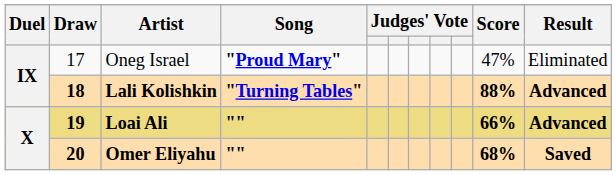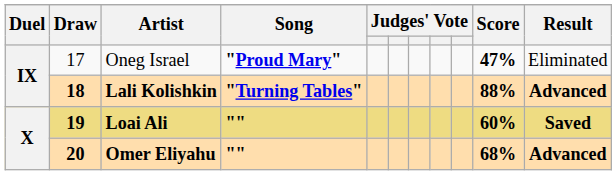 <table class="sortable wikitable" style="margin: 1em auto 1em auto; text-align:center; font-size:90%; line-height:18px;">
 <tr>
 </tr>
 <tr>
 <th rowspan="2" class="unsortable">Duel</th>
 <th rowspan="2">Draw</th>
 <th rowspan="2">Artist</th>
 <th rowspan="2">Song</th>
 <th colspan="5" class="unsortable">Judges' Vote</th>
 <th rowspan="2">Score</th>
 <th rowspan="2">Result</th>
 </tr>
 <tr>
 <th class="unsortable"></th>
 <th class="unsortable"></th>
 <th class="unsortable"></th>
 <th class="unsortable"></th>
 <th class="unsortable"></th>
 </tr>
 <tr>
 <th rowspan="2">IX</th>
 <td>17</td>
 <td align="left">Oneg Israel</td>
 <td align="left"><strong>"<a href='#'>Proud Mary</a>"</strong></td>
 <td></td>
 <td></td>
 <td></td>
 <td></td>
 <td></td>
-<td>47%</td>
+<td><strong>47%</strong></td>
 <td>Eliminated</td>
 </tr>
 <tr style="font-weight:bold; background:navajowhite;">
 <td>18</td>
 <td align="left">Lali Kolishkin</td>
 <td align="left">"<a href='#'>Turning Tables</a>"</td>
 <td></td>
 <td></td>
 <td></td>
 <td></td>
 <td></td>
 <td>88%</td>
 <td>Advanced</td>
 </tr>
 <tr style="font-weight:bold; background:#eedc82;">
 <th rowspan="2">X</th>
 <td>19</td>
 <td align="left">Loai Ali</td>
 <td align="left">""</td>
 <td></td>
 <td></td>
 <td></td>
 <td></td>
 <td></td>
-<td>66%</td>
-<td>Advanced</td>
+<td>60%</td>
+<td>Saved</td>
 </tr>
 <tr style="font-weight:bold; background:navajowhite;">
 <td>20</td>
 <td align="left">Omer Eliyahu</td>
 <td align="left">""</td>
 <td></td>
 <td></td>
 <td></td>
 <td></td>
 <td></td>
 <td>68%</td>
-<td>Saved</td>
+<td>Advanced</td>
 </tr>
 </table>
